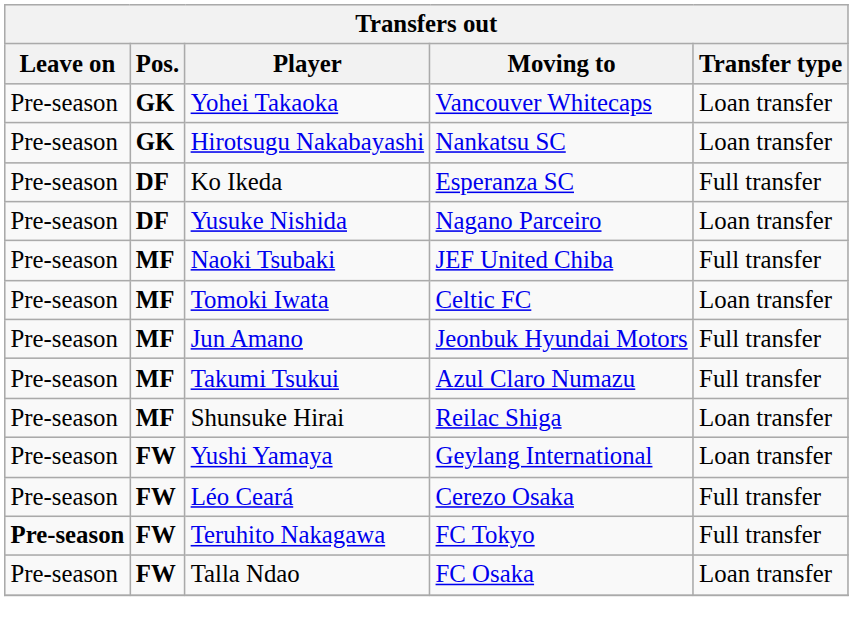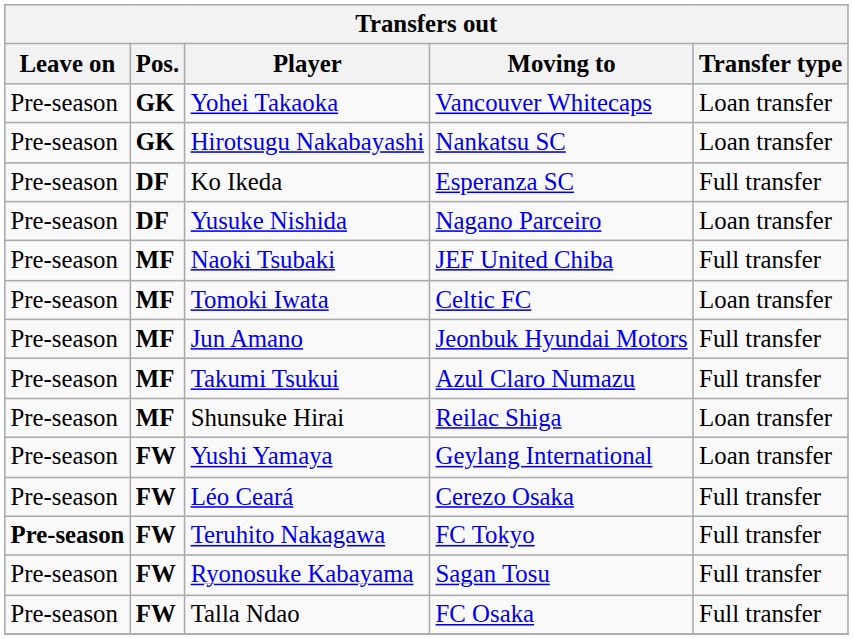 <table class="wikitable sortable" style=“text-align:left;>
 <tr>
 <th colspan="5">Transfers out</th>
 </tr>
 <tr>
 <th>Leave on</th>
 <th>Pos.</th>
 <th>Player</th>
 <th>Moving to</th>
 <th>Transfer type</th>
 </tr>
 <tr>
 <td>Pre-season</td>
 <td><strong>GK</strong></td>
 <td> <a href='#'>Yohei Takaoka</a></td>
 <td> <a href='#'>Vancouver Whitecaps</a></td>
 <td>Loan transfer</td>
 </tr>
 <tr>
 <td>Pre-season</td>
 <td><strong>GK</strong></td>
 <td> <a href='#'>Hirotsugu Nakabayashi</a></td>
 <td> <a href='#'>Nankatsu SC</a></td>
 <td>Loan transfer</td>
 </tr>
 <tr>
 <td>Pre-season</td>
 <td><strong>DF</strong></td>
 <td> Ko Ikeda</td>
 <td> <a href='#'>Esperanza SC</a></td>
 <td>Full transfer</td>
 </tr>
 <tr>
 <td>Pre-season</td>
 <td><strong>DF</strong></td>
 <td> <a href='#'>Yusuke Nishida</a></td>
 <td> <a href='#'>Nagano Parceiro</a></td>
 <td>Loan transfer</td>
 </tr>
 <tr>
 <td>Pre-season</td>
 <td><strong>MF</strong></td>
 <td> <a href='#'>Naoki Tsubaki</a></td>
 <td> <a href='#'>JEF United Chiba</a></td>
 <td>Full transfer</td>
 </tr>
 <tr>
 <td>Pre-season</td>
 <td><strong>MF</strong></td>
 <td> <a href='#'>Tomoki Iwata</a></td>
 <td> <a href='#'>Celtic FC</a></td>
 <td>Loan transfer</td>
 </tr>
 <tr>
 <td>Pre-season</td>
 <td><strong>MF</strong></td>
 <td> <a href='#'>Jun Amano</a></td>
 <td> <a href='#'>Jeonbuk Hyundai Motors</a></td>
 <td>Full transfer</td>
 </tr>
 <tr>
 <td>Pre-season</td>
 <td><strong>MF</strong></td>
 <td> <a href='#'>Takumi Tsukui</a></td>
 <td> <a href='#'>Azul Claro Numazu</a></td>
 <td>Full transfer</td>
 </tr>
 <tr>
 <td>Pre-season</td>
 <td><strong>MF</strong></td>
 <td> Shunsuke Hirai</td>
 <td> <a href='#'>Reilac Shiga</a></td>
 <td>Loan transfer</td>
 </tr>
 <tr>
 <td>Pre-season</td>
 <td><strong>FW</strong></td>
 <td> <a href='#'>Yushi Yamaya</a></td>
 <td> <a href='#'>Geylang International</a></td>
 <td>Loan transfer</td>
 </tr>
 <tr>
 <td>Pre-season</td>
 <td><strong>FW</strong></td>
 <td> <a href='#'>Léo Ceará</a></td>
 <td> <a href='#'>Cerezo Osaka</a></td>
 <td>Full transfer</td>
 </tr>
 <tr>
 <td><strong>Pre-season</strong></td>
 <td><strong>FW</strong></td>
 <td> <a href='#'>Teruhito Nakagawa</a></td>
 <td> <a href='#'>FC Tokyo</a></td>
 <td>Full transfer</td>
 </tr>
 <tr>
 <td>Pre-season</td>
 <td><strong>FW</strong></td>
+<td> <a href='#'>Ryonosuke Kabayama</a></td>
+<td> <a href='#'>Sagan Tosu</a></td>
+<td>Full transfer</td>
+</tr>
+<tr>
+<td>Pre-season</td>
+<td><strong>FW</strong></td>
 <td> Talla Ndao</td>
 <td> <a href='#'>FC Osaka</a></td>
-<td>Loan transfer</td>
+<td>Full transfer</td>
 </tr>
 <tr>
 </tr>
 </table>
